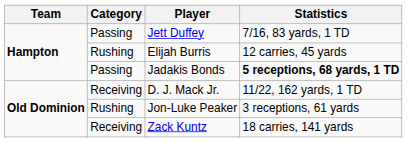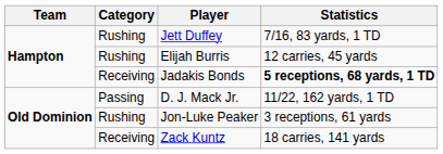 <table class="wikitable" style="float: left;">
 <tr>
 <th>Team</th>
 <th>Category</th>
 <th>Player</th>
 <th>Statistics</th>
 </tr>
 <tr>
 <td rowspan=3><strong>Hampton</strong></td>
-<td>Passing</td>
+<td>Rushing</td>
 <td><a href='#'>Jett Duffey</a></td>
 <td>7/16, 83 yards, 1 TD</td>
 </tr>
 <tr>
 <td>Rushing</td>
 <td>Elijah Burris</td>
 <td>12 carries, 45 yards</td>
 </tr>
 <tr>
-<td>Passing</td>
+<td>Receiving</td>
 <td>Jadakis Bonds</td>
 <td><strong>5 receptions, 68 yards, 1 TD</strong></td>
 </tr>
 <tr>
 <td rowspan=3><strong>Old Dominion</strong></td>
-<td>Receiving</td>
+<td>Passing</td>
 <td>D. J. Mack Jr.</td>
 <td>11/22, 162 yards, 1 TD</td>
 </tr>
 <tr>
 <td>Rushing</td>
 <td>Jon-Luke Peaker</td>
 <td>3 receptions, 61 yards</td>
 </tr>
 <tr>
 <td>Receiving</td>
 <td><a href='#'>Zack Kuntz</a></td>
 <td>18 carries, 141 yards</td>
 </tr>
 </table>
